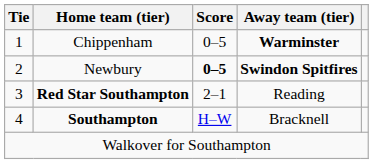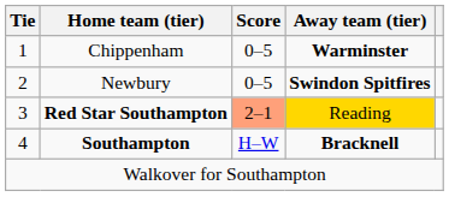 <table class="wikitable" style="text-align:center; font-size:85%">
 <tr>
 <th>Tie</th>
 <th>Home team (tier)</th>
 <th>Score</th>
 <th>Away team (tier)</th>
 <th></th>
 </tr>
 <tr>
 <td align="center">1</td>
 <td>Chippenham</td>
 <td align="center">0–5</td>
 <td><strong>Warminster</strong></td>
 <td></td>
 </tr>
 <tr>
 <td align="center">2</td>
 <td>Newbury</td>
-<td align="center"><strong>0–5</strong></td>
+<td align="center">0–5</td>
 <td><strong>Swindon Spitfires</strong></td>
 <td></td>
 </tr>
 <tr>
 <td align="center">3</td>
 <td><strong>Red Star Southampton</strong></td>
-<td align="center">2–1</td>
-<td>Reading</td>
+<td align="center" style="background: lightsalmon;">2–1</td>
+<td style="background: gold;">Reading</td>
 <td></td>
 </tr>
 <tr>
 <td align="center">4</td>
 <td><strong>Southampton</strong></td>
 <td align="center"><a href='#'>H–W</a></td>
-<td>Bracknell</td>
+<td><strong>Bracknell</strong></td>
 <td></td>
 </tr>
 <tr>
 <td colspan="5" align="center">Walkover for Southampton</td>
 </tr>
 </table>
